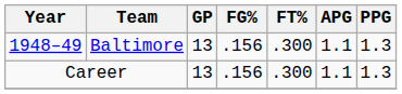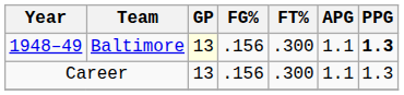 <table class="wikitable sortable" style="font-size:95%; text-align:right;">
 <tr>
 <th>Year</th>
 <th>Team</th>
 <th>GP</th>
 <th>FG%</th>
 <th>FT%</th>
 <th>APG</th>
 <th>PPG</th>
 </tr>
 <tr>
 <td style="text-align:left;"><a href='#'>1948–49</a></td>
 <td style="text-align:left;"><a href='#'>Baltimore</a></td>
-<td>13</td>
+<td style="background: lightyellow;">13</td>
 <td>.156</td>
 <td>.300</td>
 <td>1.1</td>
-<td>1.3</td>
+<td><strong>1.3</strong></td>
 </tr>
 <tr>
 <td style="text-align:center;" colspan="2">Career</td>
 <td>13</td>
 <td>.156</td>
 <td>.300</td>
 <td>1.1</td>
 <td>1.3</td>
 </tr>
 <tr>
 </tr>
 </table>
